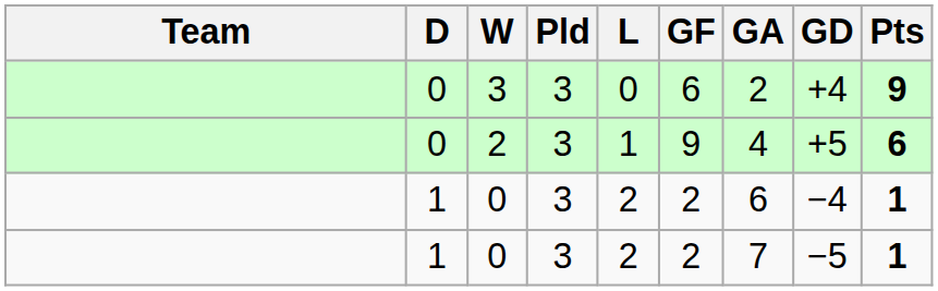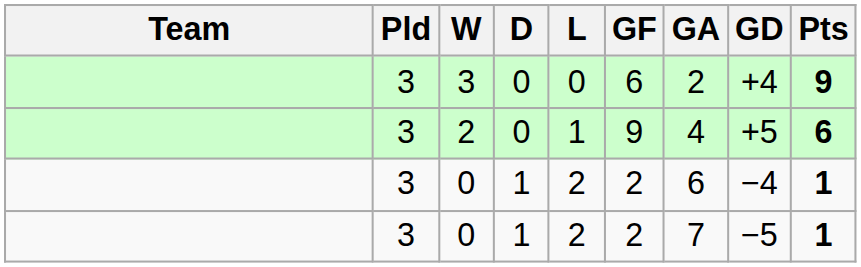 <table class="wikitable" style="text-align:center;">
 <tr>
 <th width=175>Team</th>
+<th width=20>Pld</th>
+<th width=20>W</th>
 <th width=20>D</th>
-<th width=20>W</th>
-<th width=20>Pld</th>
 <th width=20>L</th>
 <th width=20>GF</th>
 <th width=20>GA</th>
 <th width=20>GD</th>
 <th width=20>Pts</th>
 </tr>
 <tr bgcolor="ccffcc">
 <td align="left"></td>
-<td>0</td>
 <td>3</td>
 <td>3</td>
+<td>0</td>
 <td>0</td>
 <td>6</td>
 <td>2</td>
 <td>+4</td>
 <td><strong>9</strong></td>
 </tr>
 <tr bgcolor="ccffcc">
 <td align="left"></td>
+<td>3</td>
+<td>2</td>
 <td>0</td>
-<td>2</td>
-<td>3</td>
 <td>1</td>
 <td>9</td>
 <td>4</td>
 <td>+5</td>
 <td><strong>6</strong></td>
 </tr>
 <tr>
 <td align="left"></td>
+<td>3</td>
+<td>0</td>
 <td>1</td>
-<td>0</td>
-<td>3</td>
 <td>2</td>
 <td>2</td>
 <td>6</td>
 <td>−4</td>
 <td><strong>1</strong></td>
 </tr>
 <tr>
 <td align="left"></td>
+<td>3</td>
+<td>0</td>
 <td>1</td>
-<td>0</td>
-<td>3</td>
 <td>2</td>
 <td>2</td>
 <td>7</td>
 <td>−5</td>
 <td><strong>1</strong></td>
 </tr>
 </table>
